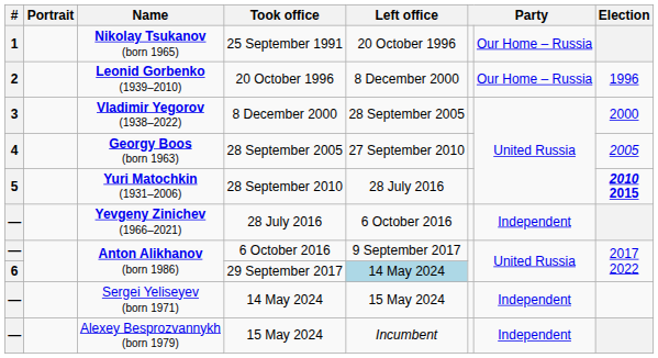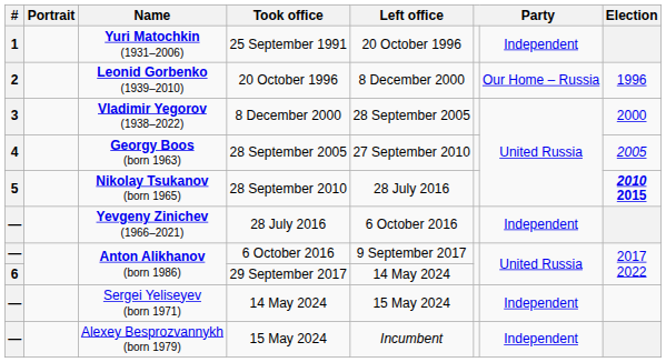 <table class="wikitable" style="text-align:center">
 <tr>
 <th>#</th>
 <th>Portrait</th>
 <th>Name</th>
 <th>Took office</th>
 <th>Left office</th>
 <th colspan=2>Party</th>
 <th>Election</th>
 </tr>
 <tr>
 <th>1</th>
 <td></td>
-<td><strong><a href='#'>Nikolay Tsukanov</a></strong><br><small>(born 1965)</small></td>
+<td><strong><a href='#'>Yuri Matochkin</a></strong><br><small>(1931–2006)</small></td>
 <td>25 September 1991</td>
 <td>20 October 1996</td>
 <td style="background: "></td>
-<td><a href='#'>Our Home – Russia</a></td>
+<td><a href='#'>Independent</a></td>
 <th></th>
 </tr>
 <tr>
 <th>2</th>
 <td></td>
 <td><strong><a href='#'>Leonid Gorbenko</a></strong><br><small>(1939–2010)</small></td>
 <td>20 October 1996</td>
 <td>8 December 2000</td>
 <td style="background: "></td>
 <td><a href='#'>Our Home – Russia</a></td>
 <td><a href='#'>1996</a></td>
 </tr>
 <tr>
 <th>3</th>
 <td></td>
 <td><strong><a href='#'>Vladimir Yegorov</a></strong><br><small>(1938–2022)</small></td>
 <td>8 December 2000</td>
 <td>28 September 2005</td>
 <td style="background: "></td>
 <td rowspan="3"><a href='#'>United Russia</a></td>
 <td><a href='#'>2000</a></td>
 </tr>
 <tr>
 <th>4</th>
 <td></td>
 <td><strong><a href='#'>Georgy Boos</a></strong><br><small>(born 1963)</small></td>
 <td>28 September 2005</td>
 <td>27 September 2010</td>
 <td style="background: "></td>
 <td><em><a href='#'>2005</a></em></td>
 </tr>
 <tr>
 <th>5</th>
 <td></td>
-<td><strong><a href='#'>Yuri Matochkin</a></strong><br><small>(1931–2006)</small></td>
+<td><strong><a href='#'>Nikolay Tsukanov</a></strong><br><small>(born 1965)</small></td>
 <td>28 September 2010</td>
 <td>28 July 2016</td>
 <td style="background: "></td>
 <td><strong><em><a href='#'>2010</a></em><br><a href='#'>2015</a></strong></td>
 </tr>
 <tr>
 <th>—</th>
 <td></td>
 <td><strong><a href='#'>Yevgeny Zinichev</a></strong><br><small>(1966–2021)</small></td>
 <td>28 July 2016</td>
 <td>6 October 2016</td>
 <td style="background: "></td>
 <td><a href='#'>Independent</a></td>
 <th></th>
 </tr>
 <tr>
 <th>—</th>
 <td rowspan="2"></td>
 <td rowspan="2"><strong><a href='#'>Anton Alikhanov</a></strong><br><small>(born 1986)</small></td>
 <td>6 October 2016</td>
 <td>9 September 2017</td>
 <td rowspan=2; style="background: "></td>
 <td rowspan="2"><a href='#'>United Russia</a></td>
 <td rowspan=2><a href='#'>2017</a><br><a href='#'>2022</a></td>
 </tr>
 <tr>
 <th>6</th>
 <td>29 September 2017</td>
-<td style="background: lightblue;">14 May 2024</td>
+<td>14 May 2024</td>
 </tr>
 <tr>
 <th>—</th>
 <td></td>
 <td><a href='#'>Sergei Yeliseyev</a><br><small>(born 1971)</small></td>
 <td>14 May 2024</td>
 <td>15 May 2024</td>
 <td style="background: "></td>
 <td><a href='#'>Independent</a></td>
 </tr>
 <tr>
 <th>—</th>
 <td></td>
 <td><a href='#'>Alexey Besprozvannykh</a><br><small>(born 1979)</small></td>
 <td>15 May 2024</td>
 <td><em>Incumbent</em></td>
 <td style="background: "></td>
 <td><a href='#'>Independent</a></td>
 <th></th>
 </tr>
 </table>
